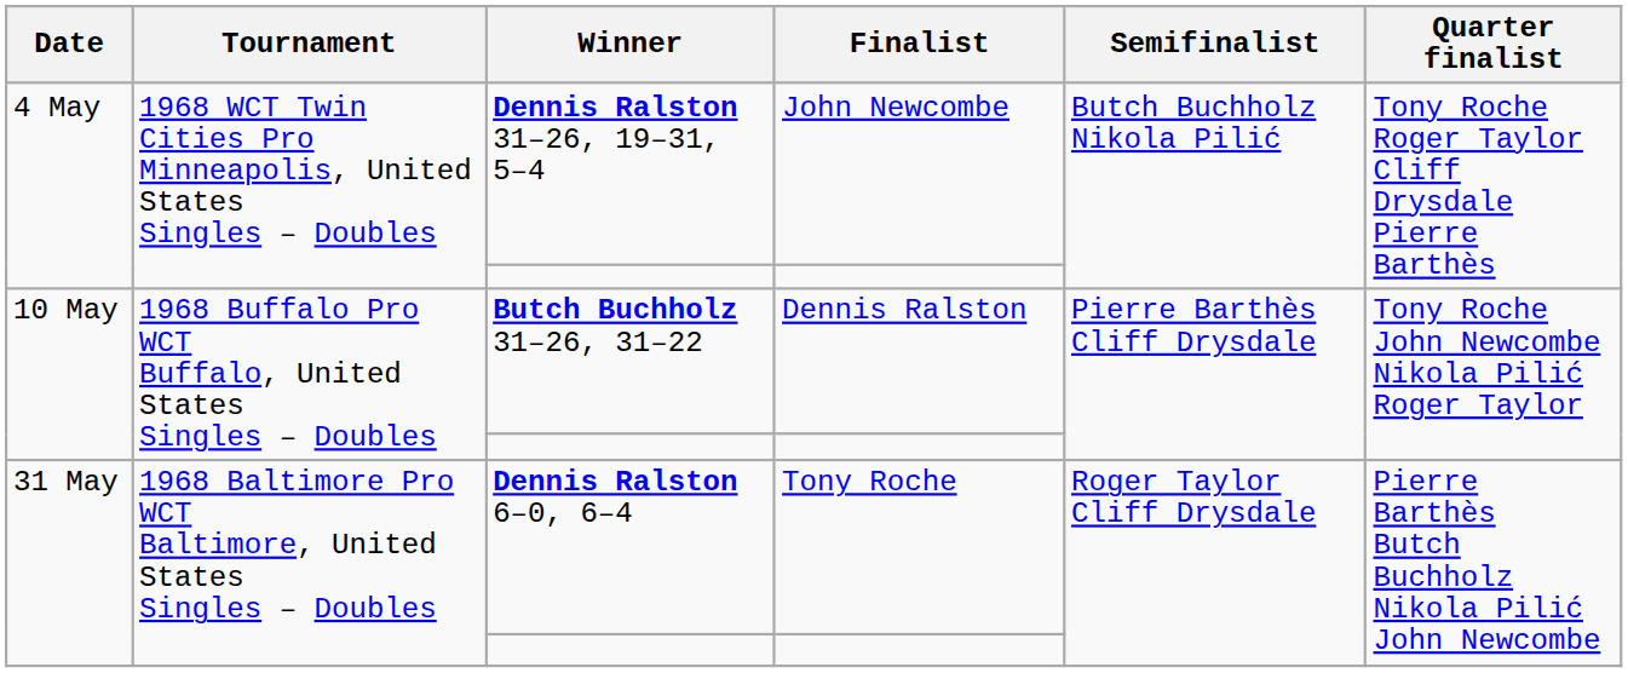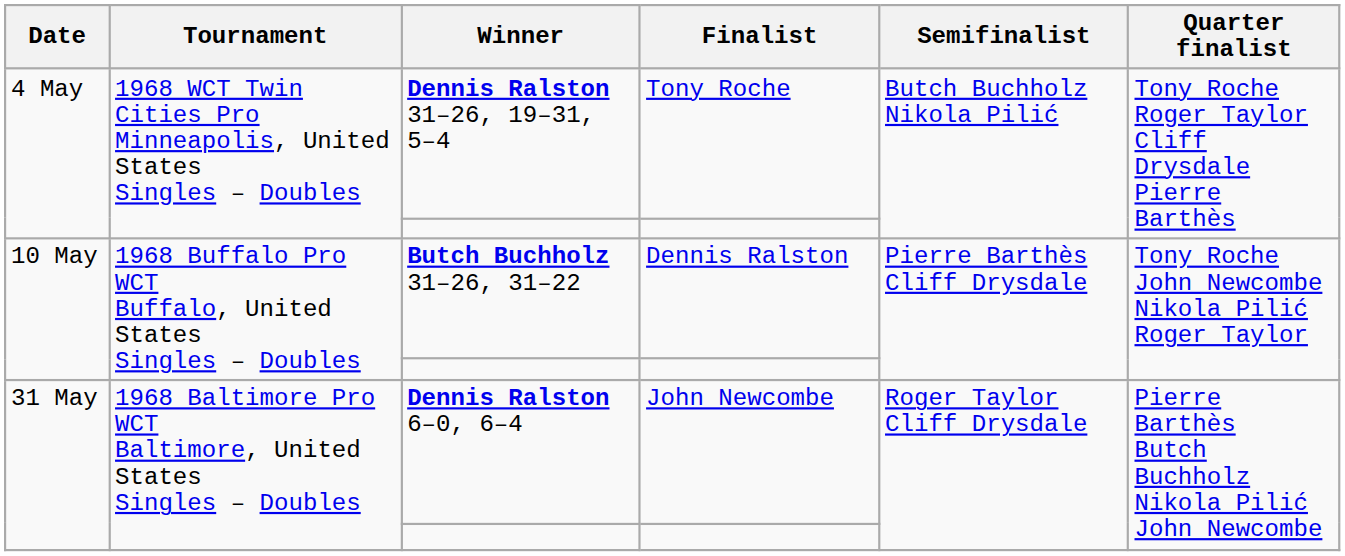 <table class="wikitable" style="font-size:85%;">
 <tr>
 <th width="75">Date</th>
 <th width="230">Tournament</th>
 <th width="210">Winner</th>
 <th width="210">Finalist</th>
 <th width="170">Semifinalist</th>
 <th width="170">Quarter finalist</th>
 </tr>
 <tr valign=top>
 <td rowspan=2>4 May</td>
 <td rowspan=2><a href='#'>1968 WCT Twin Cities Pro</a><br> <a href='#'>Minneapolis</a>, United States<br><a href='#'>Singles</a> – <a href='#'>Doubles</a></td>
 <td> <strong><a href='#'>Dennis Ralston</a></strong><br>31–26, 19–31, 5–4</td>
-<td> <a href='#'>John Newcombe</a></td>
+<td> <a href='#'>Tony Roche</a></td>
 <td rowspan=2> <a href='#'>Butch Buchholz</a>  <a href='#'>Nikola Pilić</a></td>
 <td rowspan=2> <a href='#'>Tony Roche</a> <br>  <a href='#'>Roger Taylor</a> <br>  <a href='#'>Cliff Drysdale</a> <br> <a href='#'>Pierre Barthès</a></td>
 </tr>
 <tr valign=top>
 <td></td>
 <td></td>
 </tr>
 <tr valign=top>
 <td rowspan=2>10 May</td>
 <td rowspan=2><a href='#'>1968 Buffalo Pro WCT </a><br><a href='#'>Buffalo</a>, United States<br><a href='#'>Singles</a> – <a href='#'>Doubles</a></td>
 <td> <strong><a href='#'>Butch Buchholz</a></strong><br>31–26, 31–22</td>
 <td> <a href='#'>Dennis Ralston</a></td>
 <td rowspan=2> <a href='#'>Pierre Barthès</a>   <a href='#'>Cliff Drysdale</a></td>
 <td rowspan=2> <a href='#'>Tony Roche</a><br> <a href='#'>John Newcombe</a> <br>  <a href='#'>Nikola Pilić</a> <br>  <a href='#'>Roger Taylor</a></td>
 </tr>
 <tr valign=top>
 <td></td>
 <td></td>
 </tr>
 <tr valign=top>
 <td rowspan=2>31 May</td>
 <td rowspan=2><a href='#'>1968 Baltimore Pro WCT </a><br><a href='#'>Baltimore</a>, United States<br><a href='#'>Singles</a> – <a href='#'>Doubles</a></td>
 <td> <strong><a href='#'>Dennis Ralston</a></strong><br>6–0, 6–4</td>
-<td> <a href='#'>Tony Roche</a></td>
+<td> <a href='#'>John Newcombe</a></td>
 <td rowspan=2> <a href='#'>Roger Taylor</a>  <a href='#'>Cliff Drysdale</a></td>
 <td rowspan=2> <a href='#'>Pierre Barthès</a> <br>  <a href='#'>Butch Buchholz</a> <br>  <a href='#'>Nikola Pilić</a> <br>  <a href='#'>John Newcombe</a></td>
 </tr>
 <tr valign=top>
 <td></td>
 <td></td>
 </tr>
 </table>
